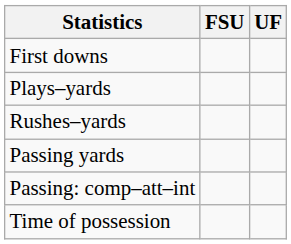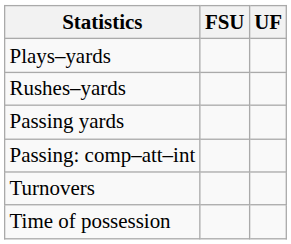 <table class="wikitable" style="float:left">
 <tr>
 <th>Statistics</th>
 <th>FSU</th>
 <th>UF</th>
-</tr>
-<tr>
-<td>First downs</td>
-<td></td>
-<td></td>
 </tr>
 <tr>
 <td>Plays–yards</td>
 <td></td>
 <td></td>
 </tr>
 <tr>
 <td>Rushes–yards</td>
 <td></td>
 <td></td>
 </tr>
 <tr>
 <td>Passing yards</td>
 <td></td>
 <td></td>
 </tr>
 <tr>
 <td>Passing: comp–att–int</td>
 <td></td>
 <td></td>
 </tr>
 <tr>
+<td>Turnovers</td>
+<td></td>
+<td></td>
+</tr>
+<tr>
 <td>Time of possession</td>
 <td></td>
 <td></td>
 </tr>
 </table>
